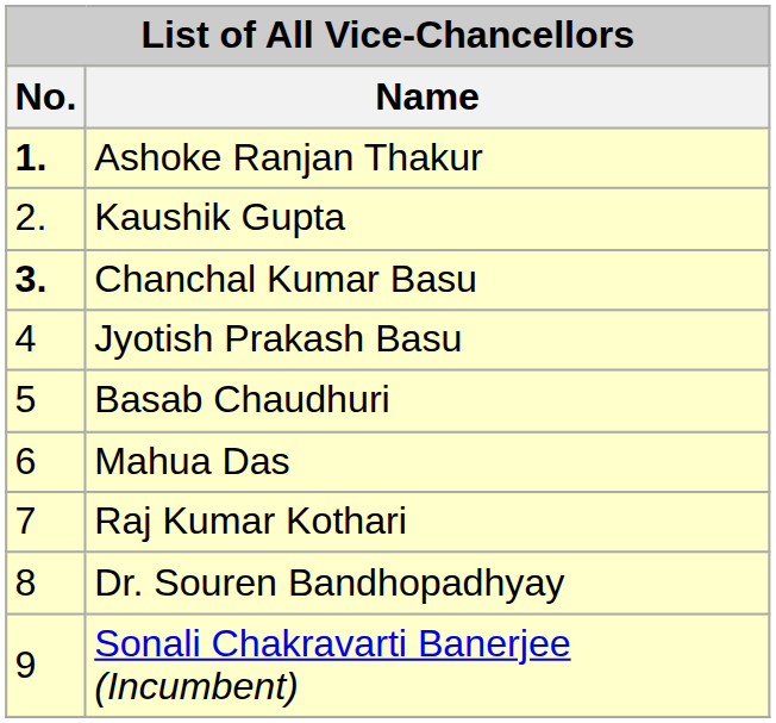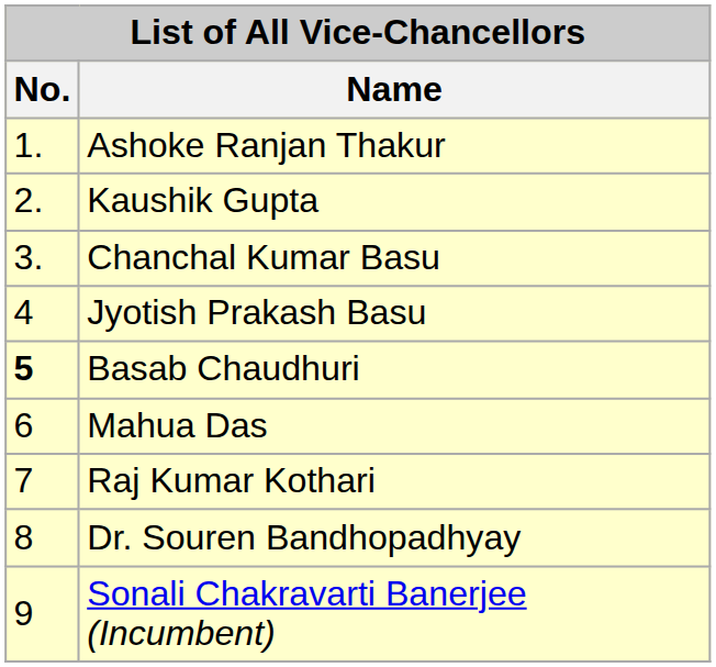 <table class="wikitable mw-collapsible mw-collapsed" style="margin-left:1em; font-size:100%; background:#ffc; color:black; width:20em; max-width:30%;"  cellspacing="0" cellpadding="0">
 <tr>
 <th style="background:#ccc;" colspan="2">List of All Vice-Chancellors</th>
 </tr>
 <tr>
 <th scope="col" style="width: 5%;">No.</th>
 <th scope="col" style="width: 95%;">Name</th>
 </tr>
 <tr>
-<td><strong>1.</strong></td>
+<td>1.</td>
 <td>Ashoke Ranjan Thakur</td>
 </tr>
 <tr>
 <td>2.</td>
 <td>Kaushik Gupta</td>
 </tr>
 <tr>
-<td><strong>3.</strong></td>
+<td>3.</td>
 <td>Chanchal Kumar Basu</td>
 </tr>
 <tr>
 <td>4</td>
 <td>Jyotish Prakash Basu</td>
 </tr>
 <tr>
-<td>5</td>
+<td><strong>5</strong></td>
 <td>Basab Chaudhuri</td>
 </tr>
 <tr>
 <td>6</td>
 <td>Mahua Das</td>
 </tr>
 <tr>
 <td>7</td>
 <td>Raj Kumar Kothari</td>
 </tr>
 <tr>
 <td>8</td>
 <td>Dr. Souren Bandhopadhyay</td>
 </tr>
 <tr>
 <td>9</td>
 <td><a href='#'>Sonali Chakravarti Banerjee</a> <em>(Incumbent)</em></td>
 </tr>
 <tr>
 </tr>
 </table>
